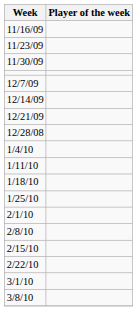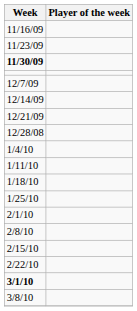 <table class="wikitable" border="1">
 <tr>
 <th>Week</th>
 <th>Player of the week</th>
 </tr>
 <tr>
 <td>11/16/09</td>
 <td></td>
 </tr>
 <tr>
 <td>11/23/09</td>
 <td></td>
 </tr>
 <tr>
-<td>11/30/09</td>
+<td><strong>11/30/09</strong></td>
 <td></td>
 </tr>
 <tr>
 <td></td>
 </tr>
 <tr>
 <td>12/7/09</td>
 <td></td>
 </tr>
 <tr>
 <td>12/14/09</td>
 <td></td>
 </tr>
 <tr>
 <td>12/21/09</td>
 <td></td>
 </tr>
 <tr>
 <td>12/28/08</td>
 <td></td>
 </tr>
 <tr>
 <td>1/4/10</td>
 <td></td>
 </tr>
 <tr>
 <td>1/11/10</td>
 <td></td>
 </tr>
 <tr>
 <td>1/18/10</td>
 <td></td>
 </tr>
 <tr>
 <td>1/25/10</td>
 <td></td>
 </tr>
 <tr>
 <td>2/1/10</td>
 <td></td>
 </tr>
 <tr>
 <td>2/8/10</td>
 <td></td>
 </tr>
 <tr>
 <td>2/15/10</td>
 <td></td>
 </tr>
 <tr>
 <td>2/22/10</td>
 <td></td>
 </tr>
 <tr>
-<td>3/1/10</td>
+<td><strong>3/1/10</strong></td>
 <td></td>
 </tr>
 <tr>
 <td>3/8/10</td>
 <td></td>
 </tr>
 <tr>
 </tr>
 </table>
